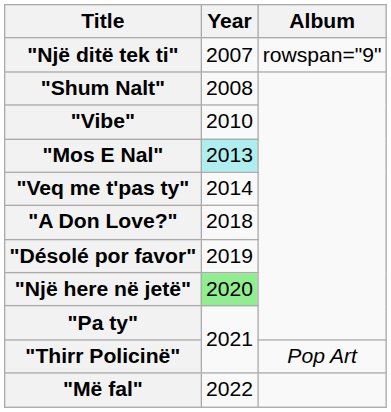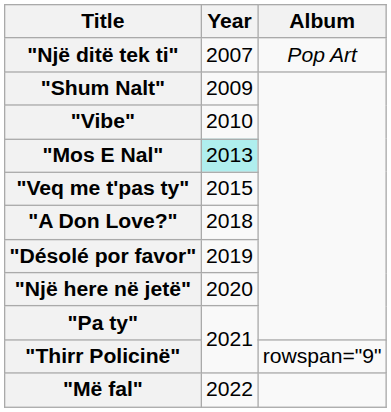 <table class="wikitable plainrowheaders" style="text-align:center;">
 <tr>
 <th scope="col">Title</th>
 <th scope="col">Year</th>
 <th scope="col">Album</th>
 </tr>
 <tr>
 <th scope="row">"Një ditë tek ti"<br></th>
 <td>2007</td>
-<td>rowspan="9" </td>
+<td><em>Pop Art</em></td>
 </tr>
 <tr>
 <th scope="row">"Shum Nalt"<br></th>
-<td>2008</td>
+<td>2009</td>
 </tr>
 <tr>
 <th scope="row">"Vibe"<br></th>
 <td>2010</td>
 </tr>
 <tr>
 <th scope="row">"Mos E Nal"<br></th>
 <td style="background: paleturquoise;">2013</td>
 </tr>
 <tr>
 <th scope="row">"Veq me t'pas ty"<br></th>
-<td>2014</td>
+<td>2015</td>
 </tr>
 <tr>
 <th scope="row">"A Don Love?"<br></th>
 <td>2018</td>
 </tr>
 <tr>
 <th scope="row">"Désolé por favor"<br></th>
 <td>2019</td>
 </tr>
 <tr>
 <th scope="row">"Një here në jetë"<br></th>
-<td style="background: lightgreen;">2020</td>
+<td>2020</td>
 </tr>
 <tr>
 <th scope="row">"Pa ty"<br></th>
 <td rowspan="2">2021</td>
 </tr>
 <tr>
 <th scope="row">"Thirr Policinë"<br></th>
-<td><em>Pop Art</em></td>
+<td>rowspan="9" </td>
 </tr>
 <tr>
 <th scope="row">"Më fal"<br></th>
 <td>2022</td>
 <td></td>
 </tr>
 </table>
